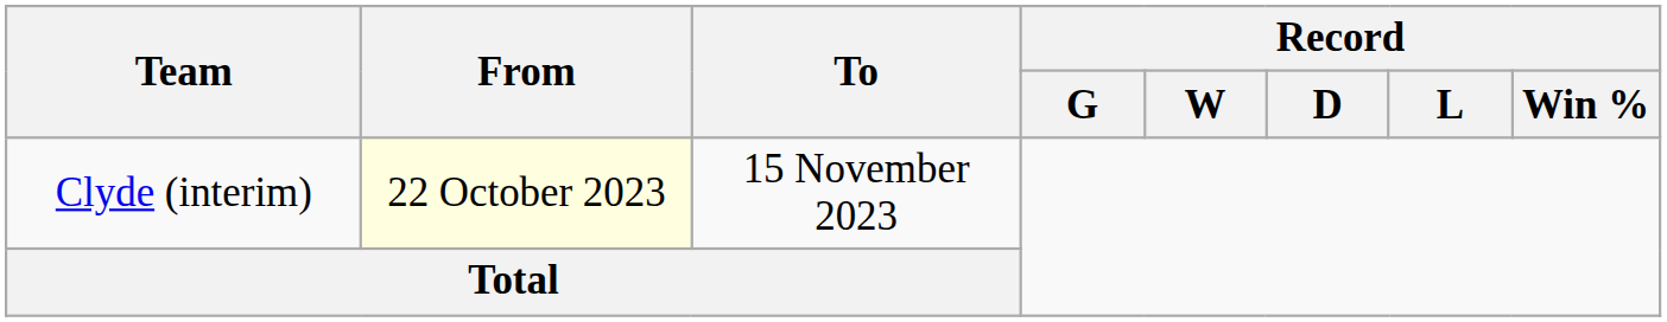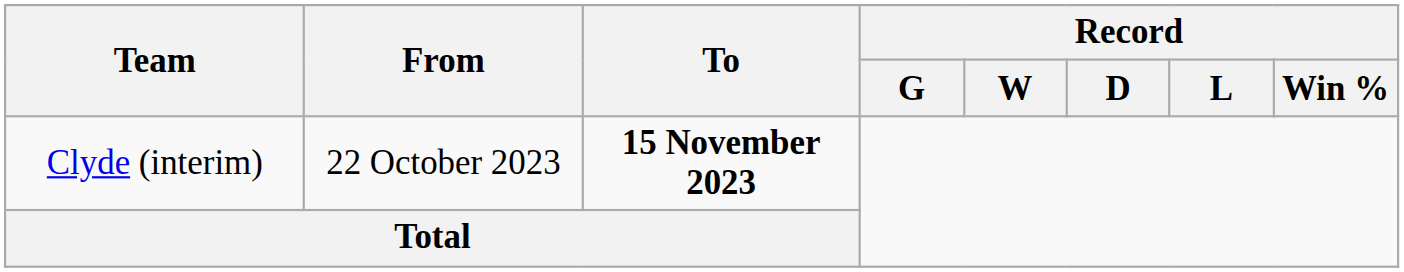 <table class="wikitable" style="text-align: center">
 <tr>
 <th rowspan="2!" style="width:130px;">Team</th>
 <th rowspan="2!" style="width:120px;">From</th>
 <th rowspan="2!" style="width:120px;">To</th>
 <th colspan=5>Record</th>
 </tr>
 <tr>
 <th width=40>G</th>
 <th width=40>W</th>
 <th width=40>D</th>
 <th width=40>L</th>
 <th width=50>Win %</th>
 </tr>
 <tr>
 <td align=centre><a href='#'>Clyde</a> (interim)</td>
-<td align=centre style="background: lightyellow;">22 October 2023</td>
-<td align=centre>15 November 2023<br></td>
+<td align=centre>22 October 2023</td>
+<td align=centre><strong>15 November 2023<br></strong></td>
 </tr>
 <tr>
 <th colspan=3>Total<br></th>
 </tr>
 </table>
